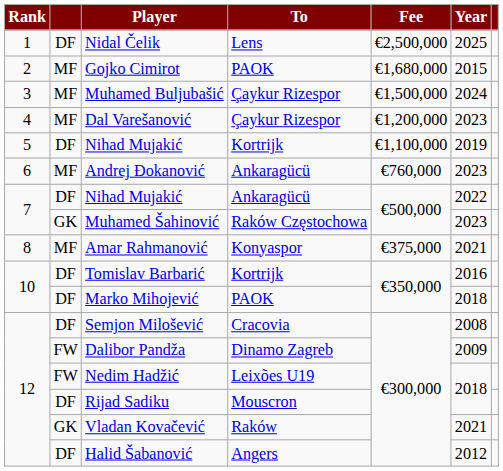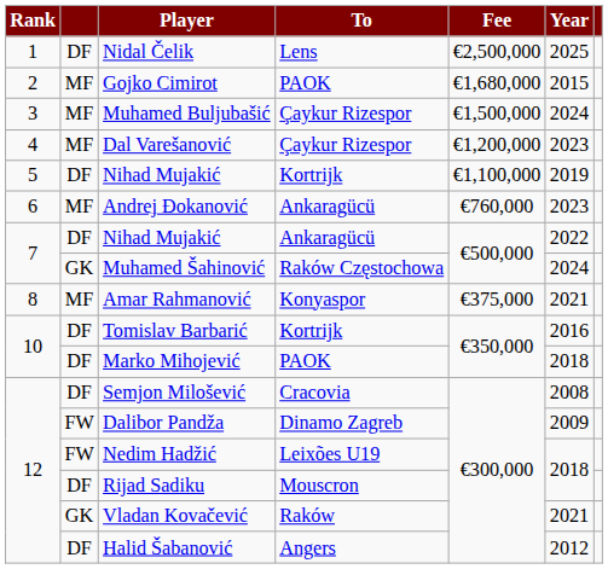 <table class="wikitable" style="text-align: center">
 <tr>
 <th style="color:#FFFFFF;background:#800000;">Rank</th>
 <th style="color:#FFFFFF;background:#800000;"></th>
 <th style="color:#FFFFFF;background:#800000;">Player</th>
 <th style="color:#FFFFFF;background:#800000;">To</th>
 <th style="color:#FFFFFF;background:#800000;">Fee</th>
 <th style="color:#FFFFFF;background:#800000;">Year</th>
 <th style="color:#FFFFFF;background:#800000;"></th>
 </tr>
 <tr>
 <td>1</td>
 <td>DF</td>
 <td align="left"> <a href='#'>Nidal Čelik</a></td>
 <td align="left"> <a href='#'>Lens</a></td>
 <td>€2,500,000</td>
 <td>2025</td>
 <td></td>
 </tr>
 <tr>
 <td>2</td>
 <td>MF</td>
 <td align="left"> <a href='#'>Gojko Cimirot</a></td>
 <td align="left"> <a href='#'>PAOK</a></td>
 <td>€1,680,000</td>
 <td>2015</td>
 <td></td>
 </tr>
 <tr>
 <td>3</td>
 <td>MF</td>
 <td align="left"> <a href='#'>Muhamed Buljubašić</a></td>
 <td align="left"> <a href='#'>Çaykur Rizespor</a></td>
 <td>€1,500,000</td>
 <td>2024</td>
 <td></td>
 </tr>
 <tr>
 <td>4</td>
 <td>MF</td>
 <td align="left"> <a href='#'>Dal Varešanović</a></td>
 <td align="left"> <a href='#'>Çaykur Rizespor</a></td>
 <td>€1,200,000</td>
 <td>2023</td>
 <td></td>
 </tr>
 <tr>
 <td>5</td>
 <td>DF</td>
 <td align="left"> <a href='#'>Nihad Mujakić</a></td>
 <td align="left"> <a href='#'>Kortrijk</a></td>
 <td>€1,100,000</td>
 <td>2019</td>
 <td></td>
 </tr>
 <tr>
 <td>6</td>
 <td>MF</td>
 <td align="left"> <a href='#'>Andrej Đokanović</a></td>
 <td align="left"> <a href='#'>Ankaragücü</a></td>
 <td>€760,000</td>
 <td>2023</td>
 <td></td>
 </tr>
 <tr>
 <td rowspan=2>7</td>
 <td>DF</td>
 <td align="left"> <a href='#'>Nihad Mujakić</a></td>
 <td align="left"> <a href='#'>Ankaragücü</a></td>
 <td rowspan=2>€500,000</td>
 <td>2022</td>
 <td></td>
 </tr>
 <tr>
 <td>GK</td>
 <td align="left"> <a href='#'>Muhamed Šahinović</a></td>
 <td align="left"> <a href='#'>Raków Częstochowa</a></td>
-<td>2023</td>
+<td>2024</td>
 <td></td>
 </tr>
 <tr>
 <td>8</td>
 <td>MF</td>
 <td align="left"> <a href='#'>Amar Rahmanović</a></td>
 <td align="left"> <a href='#'>Konyaspor</a></td>
 <td>€375,000</td>
 <td>2021</td>
 <td></td>
 </tr>
 <tr>
 <td rowspan=2>10</td>
 <td>DF</td>
 <td align="left"> <a href='#'>Tomislav Barbarić</a></td>
 <td align="left"> <a href='#'>Kortrijk</a></td>
 <td rowspan=2>€350,000</td>
 <td>2016</td>
 <td></td>
 </tr>
 <tr>
 <td>DF</td>
 <td align="left"> <a href='#'>Marko Mihojević</a></td>
 <td align="left"> <a href='#'>PAOK</a></td>
 <td>2018</td>
 <td></td>
 </tr>
 <tr>
 <td rowspan=6>12</td>
 <td>DF</td>
 <td align="left"> <a href='#'>Semjon Milošević</a></td>
 <td align="left"> <a href='#'>Cracovia</a></td>
 <td rowspan=6>€300,000</td>
 <td>2008</td>
 <td></td>
 </tr>
 <tr>
 <td>FW</td>
 <td align="left"> <a href='#'>Dalibor Pandža</a></td>
 <td align="left"> <a href='#'>Dinamo Zagreb</a></td>
 <td>2009</td>
 <td></td>
 </tr>
 <tr>
 <td>FW</td>
 <td align="left"> <a href='#'>Nedim Hadžić</a></td>
 <td align="left"> <a href='#'>Leixões U19</a></td>
 <td rowspan=2>2018</td>
 <td></td>
 </tr>
 <tr>
 <td>DF</td>
 <td align="left"> <a href='#'>Rijad Sadiku</a></td>
 <td align="left"> <a href='#'>Mouscron</a></td>
 <td></td>
 </tr>
 <tr>
 <td>GK</td>
 <td align="left"> <a href='#'>Vladan Kovačević</a></td>
 <td align="left"> <a href='#'>Raków</a></td>
 <td>2021</td>
 <td></td>
 </tr>
 <tr>
 <td>DF</td>
 <td align="left"> <a href='#'>Halid Šabanović</a></td>
 <td align="left"> <a href='#'>Angers</a></td>
 <td>2012</td>
 <td></td>
 </tr>
 </table>
